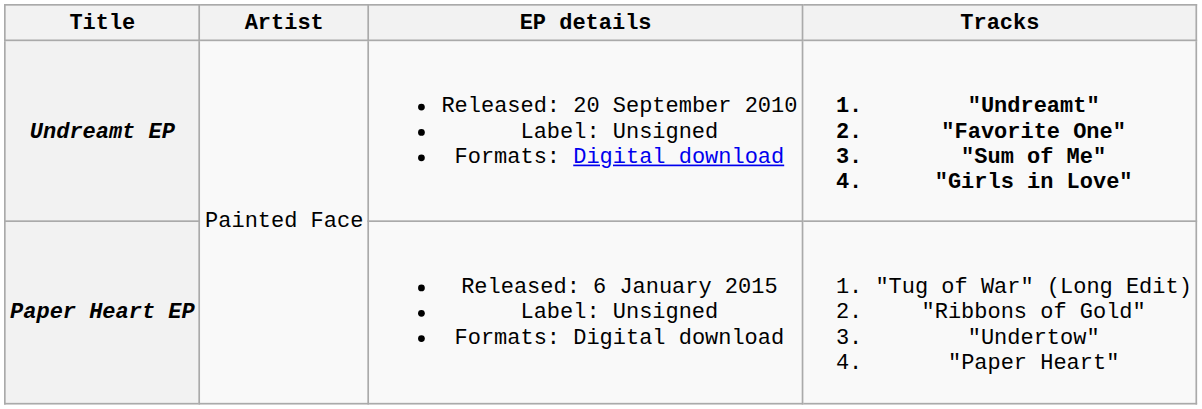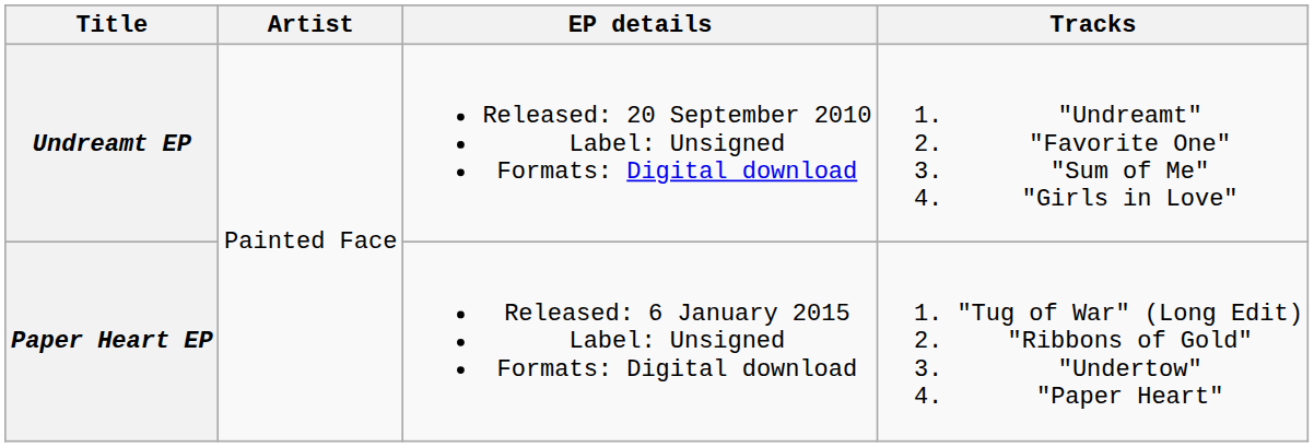 <table class="wikitable plainrowheaders" style="text-align:center;">
 <tr>
 <th scope="col">Title</th>
 <th scope="col">Artist</th>
 <th scope="col">EP details</th>
 <th scope="col">Tracks</th>
 </tr>
 <tr>
 <th scope="row"><em>Undreamt EP</em></th>
 <td scope="row" rowspan="2">Painted Face</td>
 <td valign="top"><br><ul><li>Released: 20 September 2010</li><li>Label: Unsigned</li><li>Formats: <a href='#'>Digital download</a></li></ul></td>
-<td valign="top"><strong><br><ol><li>"Undreamt"</li><li>"Favorite One"</li><li>"Sum of Me"</li><li>"Girls in Love"</li></ol></strong></td>
+<td valign="top"><br><ol><li>"Undreamt"</li><li>"Favorite One"</li><li>"Sum of Me"</li><li>"Girls in Love"</li></ol></td>
 </tr>
 <tr>
 <th scope="row"><em>Paper Heart EP</em></th>
 <td valign="top"><br><ul><li>Released: 6 January 2015</li><li>Label: Unsigned</li><li>Formats: Digital download</li></ul></td>
 <td valign="top"><br><ol><li>"Tug of War" (Long Edit)</li><li>"Ribbons of Gold"</li><li>"Undertow"</li><li>"Paper Heart"</li></ol></td>
 </tr>
 </table>
